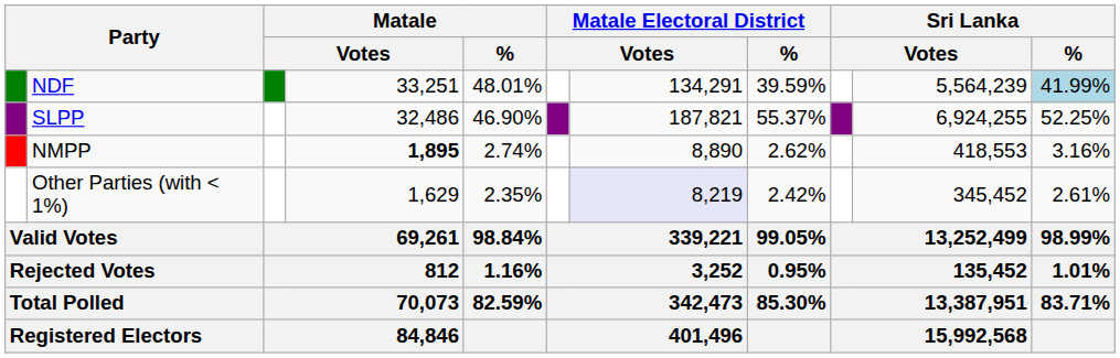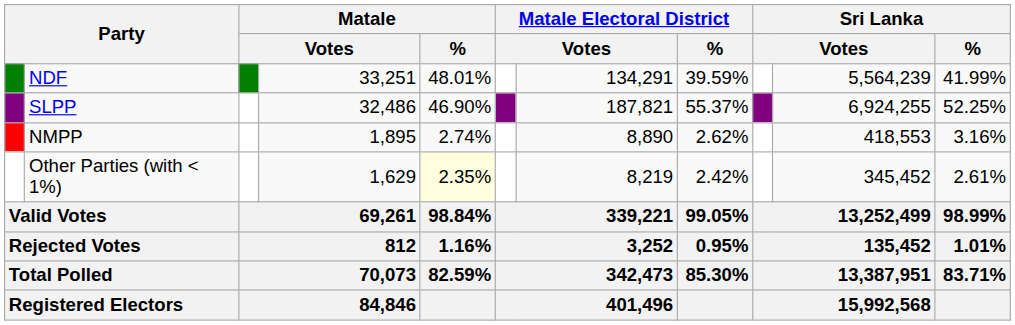 <table class="wikitable">
 <tr>
 <th colspan="2" width="144px"rowspan="2">Party</th>
 <th colspan="3" width="216px">Matale</th>
 <th colspan="3" width="216px"><a href='#'>Matale Electoral District</a></th>
 <th colspan="3" width="216px">Sri Lanka</th>
 </tr>
 <tr>
 <th colspan="2" width="144px">Votes</th>
 <th>%</th>
 <th colspan="2" width="144px">Votes</th>
 <th>%</th>
 <th colspan="2" width="144px">Votes</th>
 <th>%</th>
 </tr>
 <tr>
 <td style="background-color:green;" width="10px"></td>
 <td style="text-align:left;"><a href='#'>NDF</a></td>
 <td style="background-color:green;" width="10px"></td>
 <td style="text-align:right;">33,251</td>
 <td style="text-align:right;">48.01%</td>
 <td style="background-color:white;" width="10px"></td>
 <td style="text-align:right;">134,291</td>
 <td style="text-align:right;">39.59%</td>
 <td style="background-color:white;" width="10px"></td>
 <td style="text-align:right;">5,564,239</td>
-<td style="background: lightblue; text-align:right;">41.99%</td>
+<td style="text-align:right;">41.99%</td>
 </tr>
 <tr>
 <td style="background-color:purple;" width="10px"></td>
 <td style="text-align:left;"><a href='#'>SLPP</a></td>
 <td style="background-color:white;" width="10px"></td>
 <td style="text-align:right;">32,486</td>
 <td style="text-align:right;">46.90%</td>
 <td style="background-color:purple;" width="10px"></td>
 <td style="text-align:right;">187,821</td>
 <td style="text-align:right;">55.37%</td>
 <td style="background-color:purple;" width="10px"></td>
 <td style="text-align:right;">6,924,255</td>
 <td style="text-align:right;">52.25%</td>
 </tr>
 <tr>
 <td style="background-color:red;" width="10px"></td>
 <td style="text-align:left;">NMPP</td>
 <td style="background-color:white;" width="10px"></td>
-<td style="text-align:right;"><strong>1,895</strong></td>
+<td style="text-align:right;">1,895</td>
 <td style="text-align:right;">2.74%</td>
 <td style="background-color:white;" width="10px"></td>
 <td style="text-align:right;">8,890</td>
 <td style="text-align:right;">2.62%</td>
 <td style="background-color:white;" width="10px"></td>
 <td style="text-align:right;">418,553</td>
 <td style="text-align:right;">3.16%</td>
 </tr>
 <tr>
 <td style="background-color:white;" width="10px"></td>
 <td style="text-align:left;">Other Parties (with < 1%)</td>
 <td style="background-color:white;" width="10px"></td>
 <td style="text-align:right;">1,629</td>
-<td style="text-align:right;">2.35%</td>
+<td style="background: lightyellow; text-align:right;">2.35%</td>
 <td style="background-color:white;" width="10px"></td>
-<td style="background: lavender; text-align:right;">8,219</td>
+<td style="text-align:right;">8,219</td>
 <td style="text-align:right;">2.42%</td>
 <td style="background-color:white;" width="10px"></td>
 <td style="text-align:right;">345,452</td>
 <td style="text-align:right;">2.61%</td>
 </tr>
 <tr>
 <th colspan="2" width="144px"style="text-align:left;">Valid Votes</th>
 <th style="text-align:right;"colspan="2" width="144px">69,261</th>
 <th style="text-align:right;">98.84%</th>
 <th style="text-align:right;"colspan="2" width="144px">339,221</th>
 <th style="text-align:right;">99.05%</th>
 <th style="text-align:right;"colspan="2" width="144px">13,252,499</th>
 <th style="text-align:right;">98.99%</th>
 </tr>
 <tr>
 <th colspan="2" width="144px"style="text-align:left;">Rejected Votes</th>
 <th style="text-align:right;"colspan="2" width="144px">812</th>
 <th style="text-align:right;">1.16%</th>
 <th style="text-align:right;"colspan="2" width="144px">3,252</th>
 <th style="text-align:right;">0.95%</th>
 <th style="text-align:right;"colspan="2" width="144px">135,452</th>
 <th style="text-align:right;">1.01%</th>
 </tr>
 <tr>
 <th colspan="2" width="144px"style="text-align:left;">Total Polled</th>
 <th style="text-align:right;"colspan="2" width="144px">70,073</th>
 <th style="text-align:right;">82.59%</th>
 <th style="text-align:right;"colspan="2" width="144px">342,473</th>
 <th style="text-align:right;">85.30%</th>
 <th style="text-align:right;"colspan="2" width="144px">13,387,951</th>
 <th style="text-align:right;">83.71%</th>
 </tr>
 <tr>
 <th colspan="2" width="144px"style="text-align:left;">Registered Electors</th>
 <th style="text-align:right;"colspan="2" width="144px">84,846</th>
 <th></th>
 <th style="text-align:right;"colspan="2" width="144px">401,496</th>
 <th></th>
 <th style="text-align:right;"colspan="2" width="144px">15,992,568</th>
 <th></th>
 </tr>
 </table>
